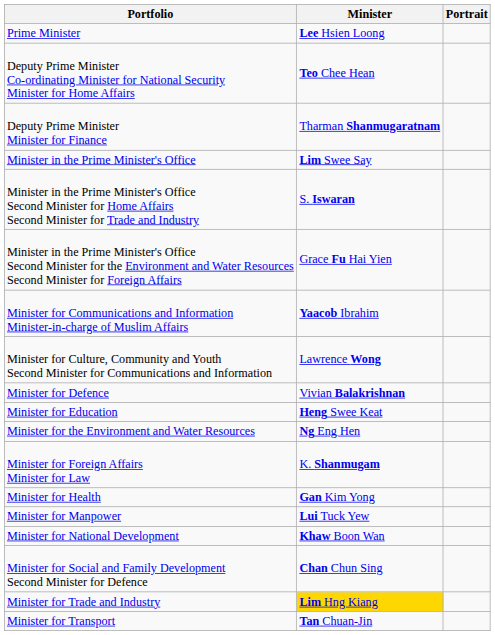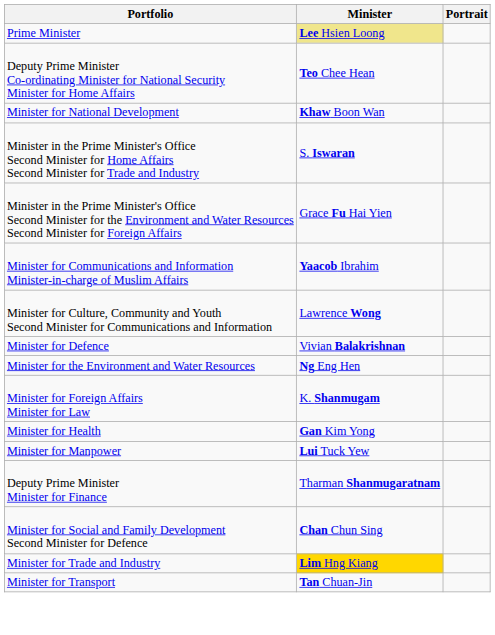 <table class="wikitable" style="margin: 1em auto 1em auto">
 <tr>
 <th>Portfolio</th>
 <th>Minister</th>
 <th>Portrait</th>
 </tr>
 <tr>
 <td><a href='#'>Prime Minister</a></td>
-<td><a href='#'><strong>Lee</strong> Hsien Loong</a></td>
+<td style="background: khaki;"><a href='#'><strong>Lee</strong> Hsien Loong</a></td>
 <td></td>
 </tr>
 <tr>
 <td><br>Deputy Prime Minister<br> <a href='#'>Co-ordinating Minister for National Security</a><br> <a href='#'>Minister for Home Affairs</a></td>
 <td><a href='#'><strong>Teo</strong> Chee Hean</a></td>
 <td></td>
 </tr>
 <tr>
-<td><br>Deputy Prime Minister<br> <a href='#'>Minister for Finance</a><br></td>
-<td><a href='#'>Tharman <strong>Shanmugaratnam</strong></a></td>
-<td></td>
-</tr>
-<tr>
-<td><a href='#'>Minister in the Prime Minister's Office</a></td>
-<td><a href='#'><strong>Lim</strong> Swee Say</a></td>
+<td><a href='#'>Minister for National Development</a></td>
+<td><a href='#'><strong>Khaw</strong> Boon Wan</a></td>
 <td></td>
 </tr>
 <tr>
 <td><br>Minister in the Prime Minister's Office<br> Second Minister for <a href='#'>Home Affairs</a><br> Second Minister for <a href='#'>Trade and Industry</a></td>
 <td><a href='#'>S. <strong>Iswaran</strong></a></td>
 <td></td>
 </tr>
 <tr>
 <td><br>Minister in the Prime Minister's Office<br> Second Minister for the <a href='#'>Environment and Water Resources</a><br> Second Minister for <a href='#'>Foreign Affairs</a></td>
 <td><a href='#'>Grace <strong>Fu</strong> Hai Yien</a></td>
 <td></td>
 </tr>
 <tr>
 <td><br><a href='#'>Minister for Communications and Information</a><br> <a href='#'>Minister-in-charge of Muslim Affairs</a></td>
 <td><a href='#'><strong>Yaacob</strong> Ibrahim</a></td>
 <td></td>
 </tr>
 <tr>
 <td><br>Minister for Culture, Community and Youth<br> Second Minister for Communications and Information</td>
 <td><a href='#'>Lawrence <strong>Wong</strong></a></td>
 <td></td>
 </tr>
 <tr>
 <td><a href='#'>Minister for Defence</a></td>
 <td><a href='#'>Vivian <strong>Balakrishnan</strong></a></td>
 <td></td>
 </tr>
 <tr>
-<td><a href='#'>Minister for Education</a></td>
-<td><a href='#'><strong>Heng</strong> Swee Keat</a></td>
-<td></td>
-</tr>
-<tr>
 <td><a href='#'>Minister for the Environment and Water Resources</a></td>
 <td><a href='#'><strong>Ng</strong> Eng Hen</a></td>
 <td></td>
 </tr>
 <tr>
 <td><br><a href='#'>Minister for Foreign Affairs</a><br> <a href='#'>Minister for Law</a></td>
 <td><a href='#'>K. <strong>Shanmugam</strong></a></td>
 <td></td>
 </tr>
 <tr>
 <td><a href='#'>Minister for Health</a></td>
 <td><a href='#'><strong>Gan</strong> Kim Yong</a></td>
 <td></td>
 </tr>
 <tr>
 <td><a href='#'>Minister for Manpower</a></td>
 <td><a href='#'><strong>Lui</strong> Tuck Yew</a></td>
 <td></td>
 </tr>
 <tr>
-<td><a href='#'>Minister for National Development</a></td>
-<td><a href='#'><strong>Khaw</strong> Boon Wan</a></td>
+<td><br>Deputy Prime Minister<br> <a href='#'>Minister for Finance</a><br></td>
+<td><a href='#'>Tharman <strong>Shanmugaratnam</strong></a></td>
 <td></td>
 </tr>
 <tr>
 <td><br><a href='#'>Minister for Social and Family Development</a><br> Second Minister for Defence</td>
 <td><a href='#'><strong>Chan</strong> Chun Sing</a></td>
 <td></td>
 </tr>
 <tr>
 <td><a href='#'>Minister for Trade and Industry</a></td>
 <td style="background: gold;"><a href='#'><strong>Lim</strong> Hng Kiang</a></td>
 <td></td>
 </tr>
 <tr>
 <td><a href='#'>Minister for Transport</a><br></td>
 <td><a href='#'><strong>Tan</strong> Chuan-Jin</a></td>
 <td></td>
 </tr>
 </table>
